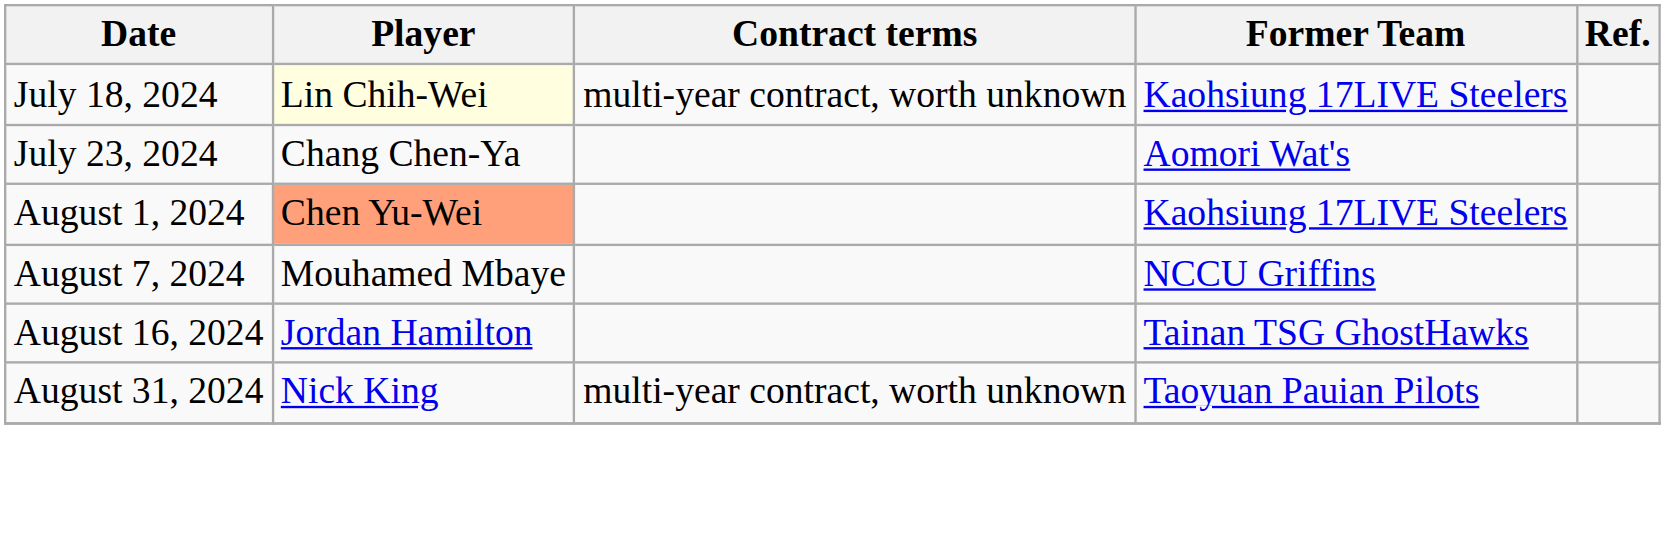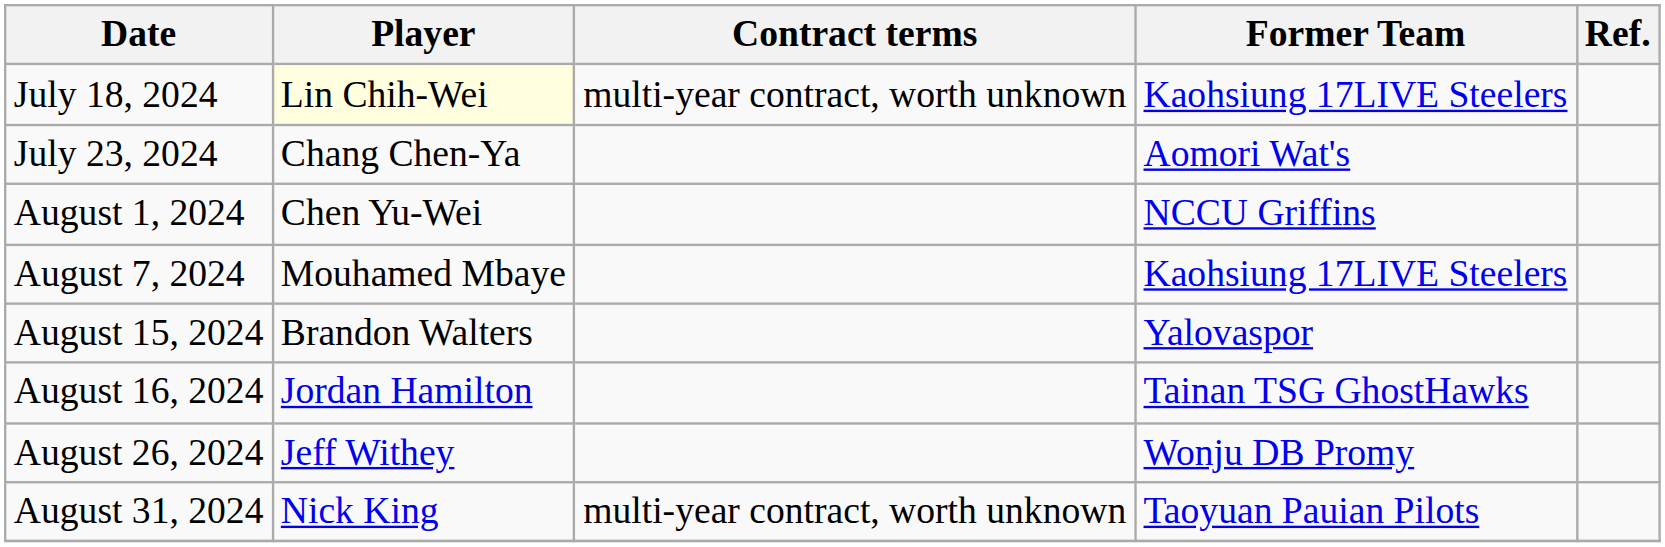 <table class="wikitable">
 <tr>
 <th>Date</th>
 <th>Player</th>
 <th>Contract terms</th>
 <th>Former Team</th>
 <th>Ref.</th>
 </tr>
 <tr>
 <td>July 18, 2024</td>
 <td style="background: lightyellow;">Lin Chih-Wei</td>
 <td>multi-year contract, worth unknown</td>
 <td><a href='#'>Kaohsiung 17LIVE Steelers</a></td>
 <td></td>
 </tr>
 <tr>
 <td>July 23, 2024</td>
 <td>Chang Chen-Ya</td>
 <td></td>
 <td><a href='#'>Aomori Wat's</a></td>
 <td></td>
 </tr>
 <tr>
 <td>August 1, 2024</td>
-<td style="background: lightsalmon;">Chen Yu-Wei</td>
+<td>Chen Yu-Wei</td>
 <td></td>
-<td><a href='#'>Kaohsiung 17LIVE Steelers</a></td>
+<td><a href='#'>NCCU Griffins</a></td>
 <td></td>
 </tr>
 <tr>
 <td>August 7, 2024</td>
 <td>Mouhamed Mbaye</td>
 <td></td>
-<td><a href='#'>NCCU Griffins</a></td>
+<td><a href='#'>Kaohsiung 17LIVE Steelers</a></td>
+<td></td>
+</tr>
+<tr>
+<td>August 15, 2024</td>
+<td>Brandon Walters</td>
+<td></td>
+<td><a href='#'>Yalovaspor</a></td>
 <td></td>
 </tr>
 <tr>
 <td>August 16, 2024</td>
 <td><a href='#'>Jordan Hamilton</a></td>
 <td></td>
 <td><a href='#'>Tainan TSG GhostHawks</a></td>
+<td></td>
+</tr>
+<tr>
+<td>August 26, 2024</td>
+<td><a href='#'>Jeff Withey</a></td>
+<td></td>
+<td><a href='#'>Wonju DB Promy</a></td>
 <td></td>
 </tr>
 <tr>
 <td>August 31, 2024</td>
 <td><a href='#'>Nick King</a></td>
 <td>multi-year contract, worth unknown</td>
 <td><a href='#'>Taoyuan Pauian Pilots</a></td>
 <td></td>
 </tr>
 <tr>
 </tr>
 </table>
